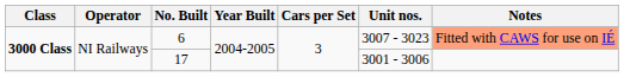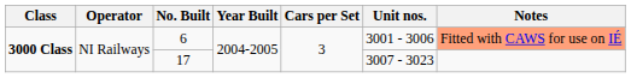 <table class="wikitable">
 <tr>
 <th>Class</th>
 <th>Operator</th>
 <th>No. Built</th>
 <th>Year Built</th>
 <th>Cars per Set</th>
 <th>Unit nos.</th>
 <th>Notes</th>
 </tr>
 <tr>
 <td rowspan="2"><strong>3000 Class</strong></td>
 <td rowspan="2">NI Railways</td>
 <td style="text-align:center">6</td>
 <td rowspan="2" style="text-align:center">2004-2005</td>
 <td rowspan="2" style="text-align:center">3</td>
-<td>3007 - 3023</td>
+<td>3001 - 3006</td>
 <td style="background: lightsalmon;">Fitted with <a href='#'>CAWS</a> for use on <a href='#'>IÉ</a></td>
 </tr>
 <tr>
 <td style="text-align:center">17</td>
-<td>3001 - 3006</td>
+<td>3007 - 3023</td>
 <td></td>
 </tr>
 </table>
